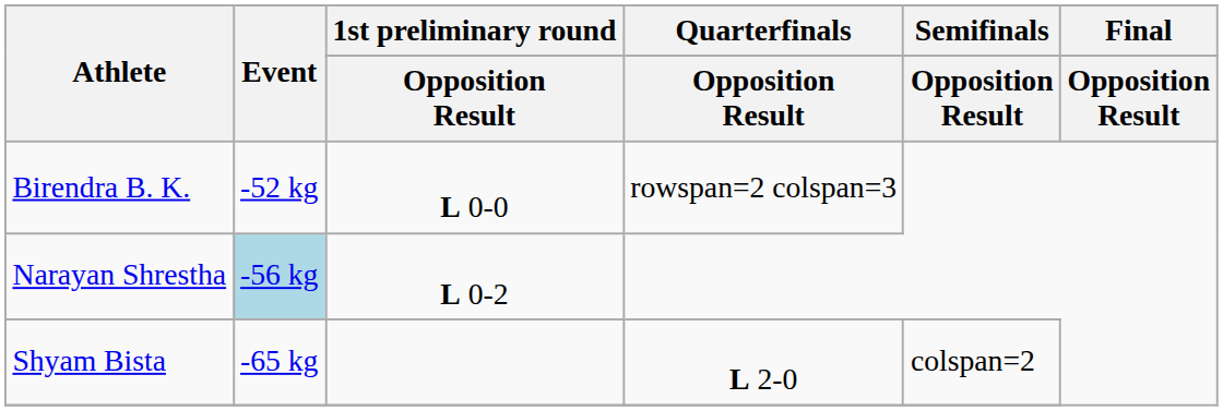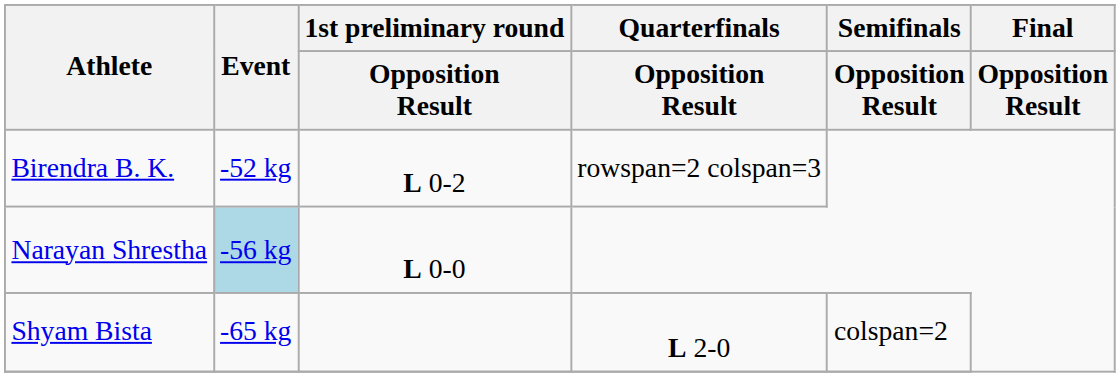 <table class="wikitable" border="1" style="font-size:90%">
 <tr>
 <th rowspan=2>Athlete</th>
 <th rowspan=2>Event</th>
 <th>1st preliminary round</th>
 <th>Quarterfinals</th>
 <th>Semifinals</th>
 <th>Final</th>
 </tr>
 <tr>
 <th>Opposition<br>Result</th>
 <th>Opposition<br>Result</th>
 <th>Opposition<br>Result</th>
 <th>Opposition<br>Result</th>
 </tr>
 <tr>
 <td><a href='#'>Birendra B. K.</a></td>
 <td><a href='#'>-52 kg</a></td>
-<td align=center> <br> <strong>L</strong> 0-0<sup><strong></strong></sup></td>
+<td align=center> <br> <strong>L</strong> 0-2</td>
 <td>rowspan=2 colspan=3 </td>
 </tr>
 <tr>
 <td><a href='#'>Narayan Shrestha</a></td>
 <td style="background: lightblue;"><a href='#'>-56 kg</a></td>
-<td align=center> <br> <strong>L</strong> 0-2</td>
+<td align=center> <br> <strong>L</strong> 0-0<sup><strong></strong></sup></td>
 </tr>
 <tr>
 <td><a href='#'>Shyam Bista</a></td>
 <td><a href='#'>-65 kg</a></td>
 <td></td>
 <td align=center> <br> <strong>L</strong> 2-0</td>
 <td>colspan=2 </td>
 </tr>
 <tr>
 </tr>
 </table>
